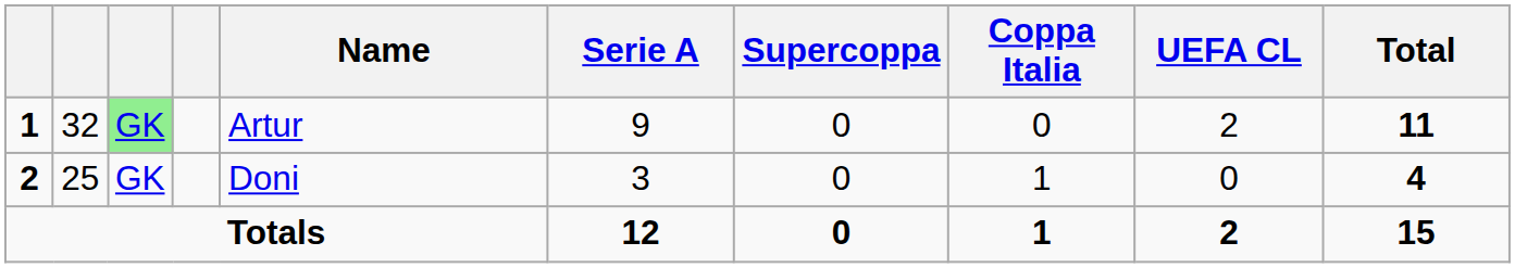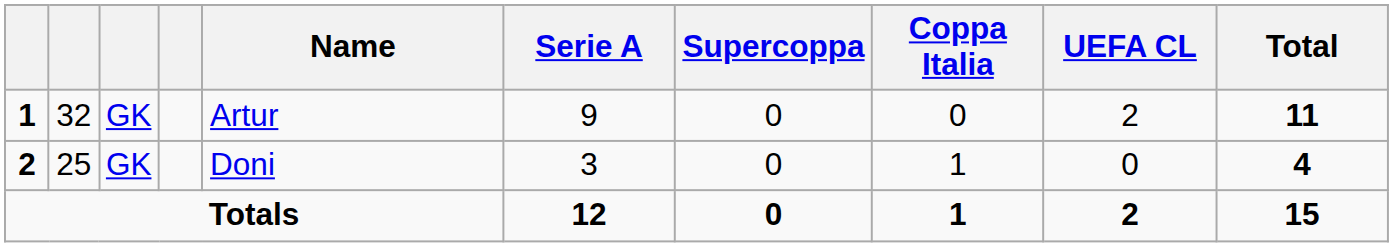 <table class="wikitable" style="text-align:center">
 <tr>
 <th width=15></th>
 <th width=15></th>
 <th width=15></th>
 <th width=15></th>
 <th width=145>Name</th>
 <th width=80><strong><a href='#'>Serie A</a></strong></th>
 <th width=80><strong><a href='#'>Supercoppa</a></strong></th>
 <th width=80><strong><a href='#'>Coppa Italia</a></strong></th>
 <th width=80><strong><a href='#'>UEFA CL</a></strong></th>
 <th width=80>Total</th>
 </tr>
 <tr>
 <td><strong>1</strong></td>
 <td>32</td>
-<td style="background: lightgreen;"><a href='#'>GK</a></td>
+<td><a href='#'>GK</a></td>
 <td></td>
 <td align=left><a href='#'>Artur</a></td>
 <td>9</td>
 <td>0</td>
 <td>0</td>
 <td>2</td>
 <td><strong>11</strong></td>
 </tr>
 <tr>
 <td><strong>2</strong></td>
 <td>25</td>
 <td><a href='#'>GK</a></td>
 <td></td>
 <td align=left><a href='#'>Doni</a></td>
 <td>3</td>
 <td>0</td>
 <td>1</td>
 <td>0</td>
 <td><strong>4</strong></td>
 </tr>
 <tr>
 <td colspan=5><strong>Totals</strong></td>
 <td><strong>12</strong></td>
 <td><strong>0</strong></td>
 <td><strong>1</strong></td>
 <td><strong>2</strong></td>
 <td><strong>15</strong></td>
 </tr>
 </table>
